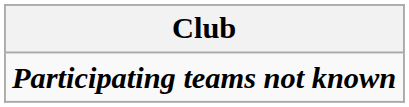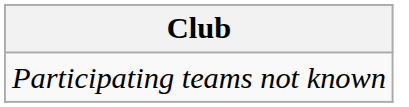 <table class="wikitable" border="1">
 <tr>
 <th>Club</th>
 </tr>
 <tr>
-<td><strong><em>Participating teams not known</em></strong></td>
+<td><em>Participating teams not known</em></td>
 </tr>
 </table>
